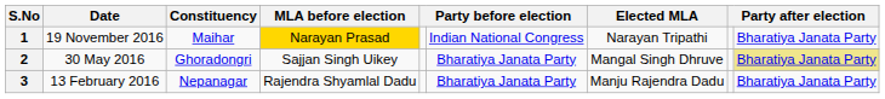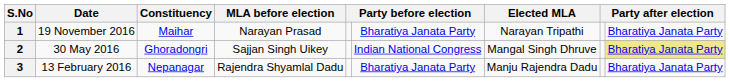 <table class="wikitable sortable" style="text-align:center;">
 <tr>
 <th>S.No</th>
 <th>Date</th>
 <th>Constituency</th>
 <th>MLA before election</th>
 <th colspan="2">Party before election</th>
 <th>Elected MLA</th>
 <th colspan="2">Party after election</th>
 </tr>
 <tr>
 <th>1</th>
 <td>19 November 2016</td>
 <td><a href='#'>Maihar</a></td>
-<td style="background: gold;">Narayan Prasad</td>
+<td>Narayan Prasad</td>
 <td></td>
-<td><a href='#'>Indian National Congress</a></td>
+<td><a href='#'>Bharatiya Janata Party</a></td>
 <td>Narayan Tripathi</td>
 <td></td>
 <td><a href='#'>Bharatiya Janata Party</a></td>
 </tr>
 <tr>
 <th>2</th>
 <td>30 May 2016</td>
 <td><a href='#'>Ghoradongri</a></td>
 <td>Sajjan Singh Uikey</td>
 <td></td>
-<td><a href='#'>Bharatiya Janata Party</a></td>
+<td><a href='#'>Indian National Congress</a></td>
 <td>Mangal Singh Dhruve</td>
 <td></td>
 <td style="background: khaki;"><a href='#'>Bharatiya Janata Party</a></td>
 </tr>
 <tr>
 <th>3</th>
 <td>13 February 2016</td>
 <td><a href='#'>Nepanagar</a></td>
 <td>Rajendra Shyamlal Dadu</td>
 <td></td>
 <td><a href='#'>Bharatiya Janata Party</a></td>
 <td>Manju Rajendra Dadu</td>
 <td></td>
 <td><a href='#'>Bharatiya Janata Party</a></td>
 </tr>
 </table>
